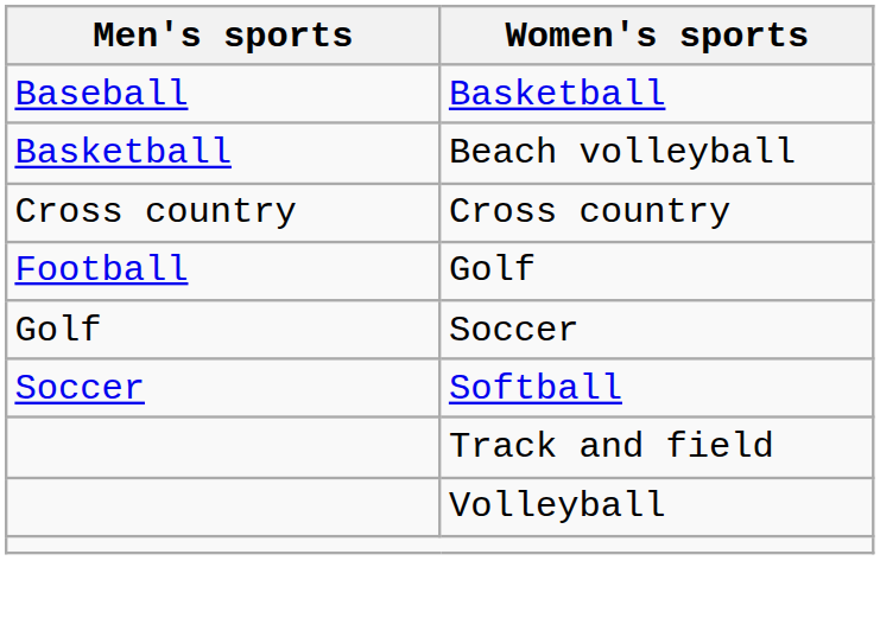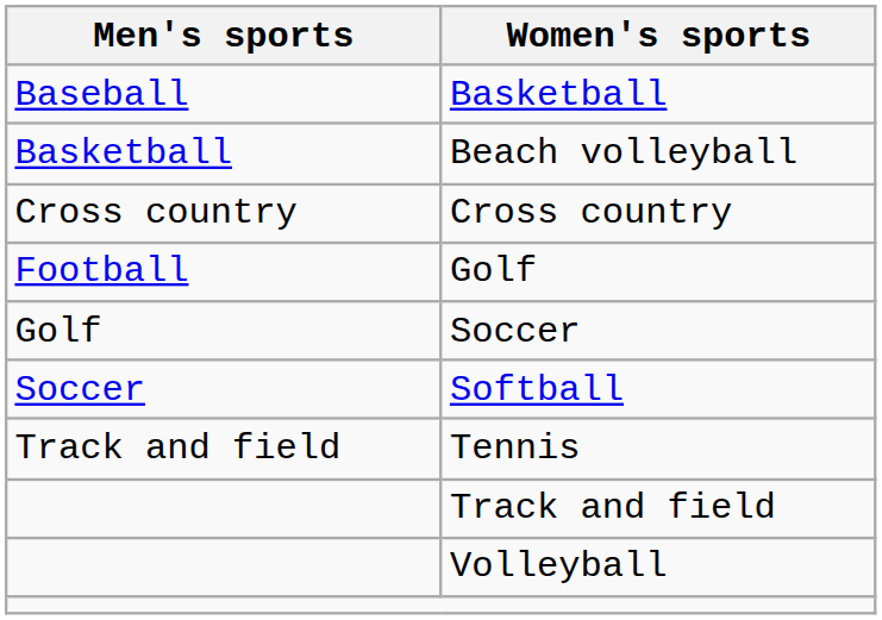 <table class="wikitable">
 <tr>
 <th width=150px>Men's sports</th>
 <th width=150px>Women's sports</th>
 </tr>
 <tr>
 <td><a href='#'>Baseball</a></td>
 <td><a href='#'>Basketball</a></td>
 </tr>
 <tr>
 <td><a href='#'>Basketball</a></td>
 <td>Beach volleyball</td>
 </tr>
 <tr>
 <td>Cross country</td>
 <td>Cross country</td>
 </tr>
 <tr>
 <td><a href='#'>Football</a></td>
 <td>Golf</td>
 </tr>
 <tr>
 <td>Golf</td>
 <td>Soccer</td>
 </tr>
 <tr>
 <td><a href='#'>Soccer</a></td>
 <td><a href='#'>Softball</a></td>
 </tr>
 <tr>
+<td>Track and field</td>
+<td>Tennis</td>
+</tr>
+<tr>
 <td></td>
 <td>Track and field</td>
 </tr>
 <tr>
 <td></td>
 <td>Volleyball</td>
 </tr>
 <tr>
 <td colspan="2"></td>
 </tr>
 </table>
